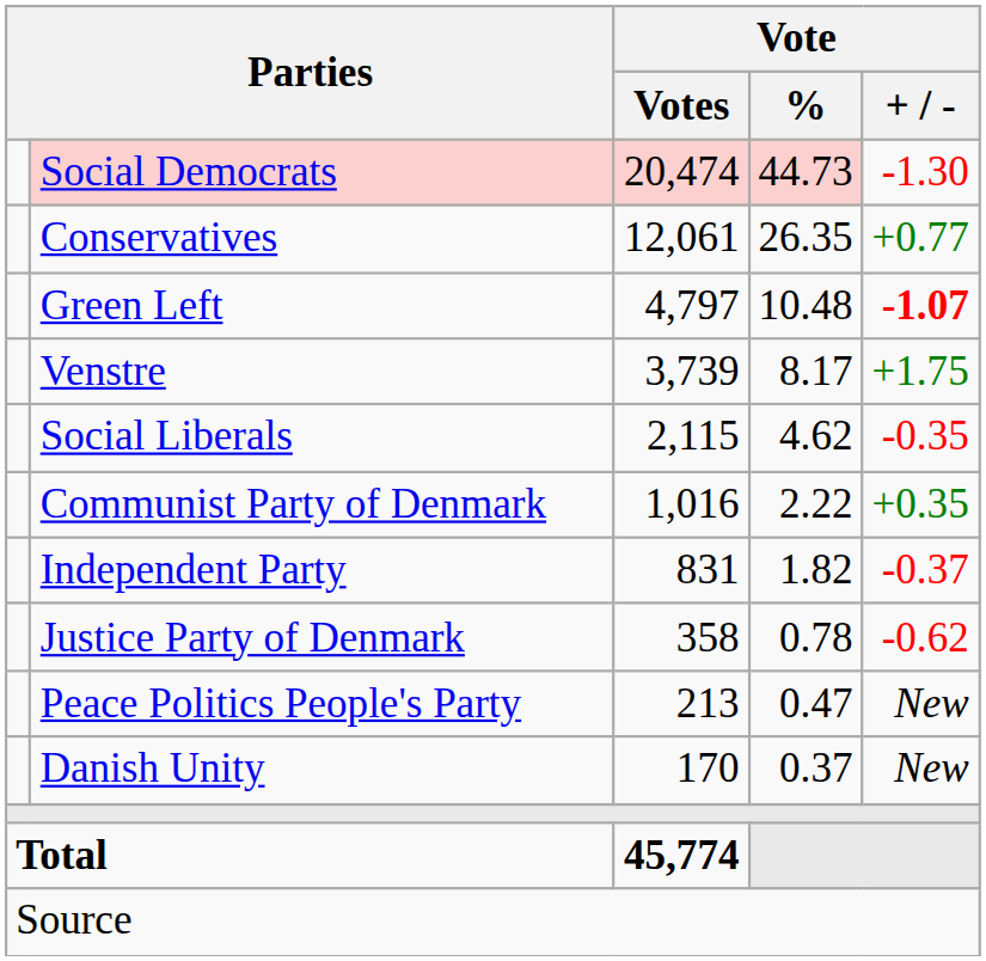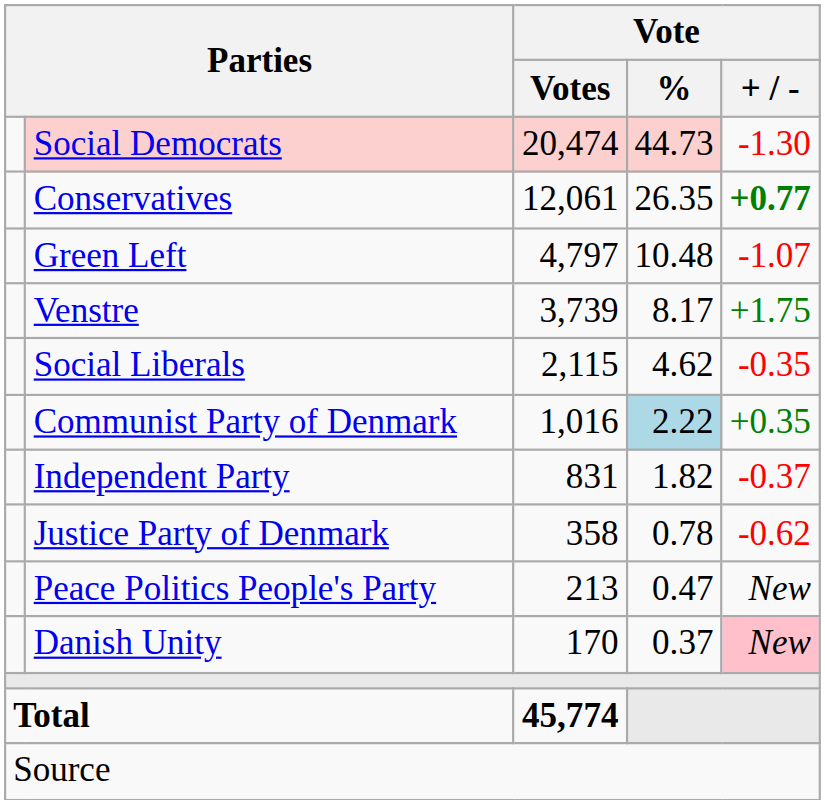 <table class="wikitable" style="text-align:right;">
 <tr>
 <th style="text-align:centre;" rowspan="2" colspan="2" width="225">Parties</th>
 <th colspan="3">Vote</th>
 </tr>
 <tr>
 <th width="15">Votes</th>
 <th width="15">%</th>
 <th width="15">+ / -</th>
 </tr>
 <tr>
 <td width="2" style="color:inherit;background:"></td>
 <td bgcolor=#fbd0ce  align="left"><a href='#'>Social Democrats</a></td>
 <td bgcolor=#fbd0ce>20,474</td>
 <td bgcolor=#fbd0ce>44.73</td>
 <td style=color:red;>-1.30</td>
 </tr>
 <tr>
 <td width="2" style="color:inherit;background:"></td>
 <td align="left"><a href='#'>Conservatives</a></td>
 <td>12,061</td>
 <td>26.35</td>
-<td style=color:green;>+0.77</td>
+<td style=color:green;><strong>+0.77</strong></td>
 </tr>
 <tr>
 <td width="2" style="color:inherit;background:"></td>
 <td align="left"><a href='#'>Green Left</a></td>
 <td>4,797</td>
 <td>10.48</td>
-<td style=color:red;><strong>-1.07</strong></td>
+<td style=color:red;>-1.07</td>
 </tr>
 <tr>
 <td width="2" style="color:inherit;background:"></td>
 <td align="left"><a href='#'>Venstre</a></td>
 <td>3,739</td>
 <td>8.17</td>
 <td style=color:green;>+1.75</td>
 </tr>
 <tr>
 <td width="2" style="color:inherit;background:"></td>
 <td align="left"><a href='#'>Social Liberals</a></td>
 <td>2,115</td>
 <td>4.62</td>
 <td style=color:red;>-0.35</td>
 </tr>
 <tr>
 <td width="2" style="color:inherit;background:"></td>
 <td align="left"><a href='#'>Communist Party of Denmark</a></td>
 <td>1,016</td>
-<td>2.22</td>
+<td style="background: lightblue;">2.22</td>
 <td style=color:green;>+0.35</td>
 </tr>
 <tr>
 <td width="2" style="color:inherit;background:"></td>
 <td align="left"><a href='#'>Independent Party</a></td>
 <td>831</td>
 <td>1.82</td>
 <td style=color:red;>-0.37</td>
 </tr>
 <tr>
 <td width="2" style="color:inherit;background:"></td>
 <td align="left"><a href='#'>Justice Party of Denmark</a></td>
 <td>358</td>
 <td>0.78</td>
 <td style=color:red;>-0.62</td>
 </tr>
 <tr>
 <td width="2" style="color:inherit;background:"></td>
 <td align="left"><a href='#'>Peace Politics People's Party</a></td>
 <td>213</td>
 <td>0.47</td>
 <td><em>New</em></td>
 </tr>
 <tr>
 <td width="2" style="color:inherit;background:"></td>
 <td align="left"><a href='#'>Danish Unity</a></td>
 <td>170</td>
 <td>0.37</td>
-<td><em>New</em></td>
+<td style="background: pink;"><em>New</em></td>
 </tr>
 <tr>
 <td colspan="7" bgcolor="#E9E9E9"></td>
 </tr>
 <tr>
 <td align="left" colspan="2"><strong>Total</strong></td>
 <td><strong>45,774</strong></td>
 <td bgcolor="#E9E9E9" colspan="2"></td>
 </tr>
 <tr>
 <td align="left" colspan="6">Source</td>
 </tr>
 </table>
